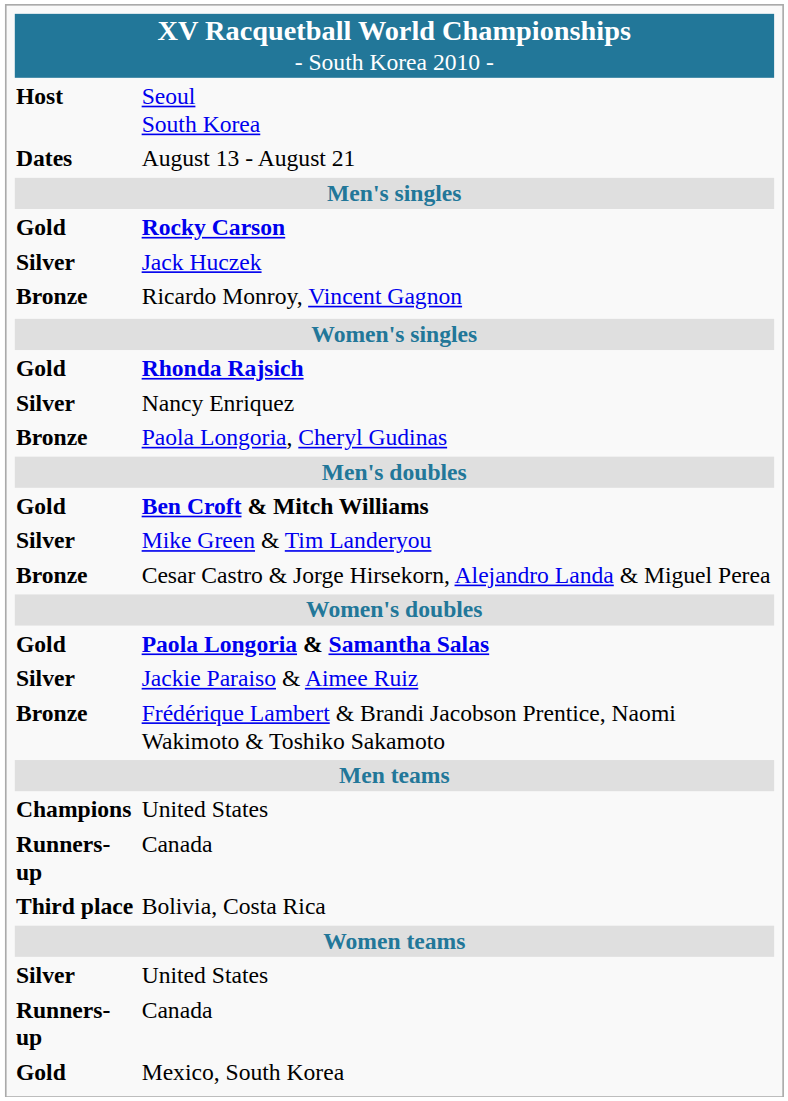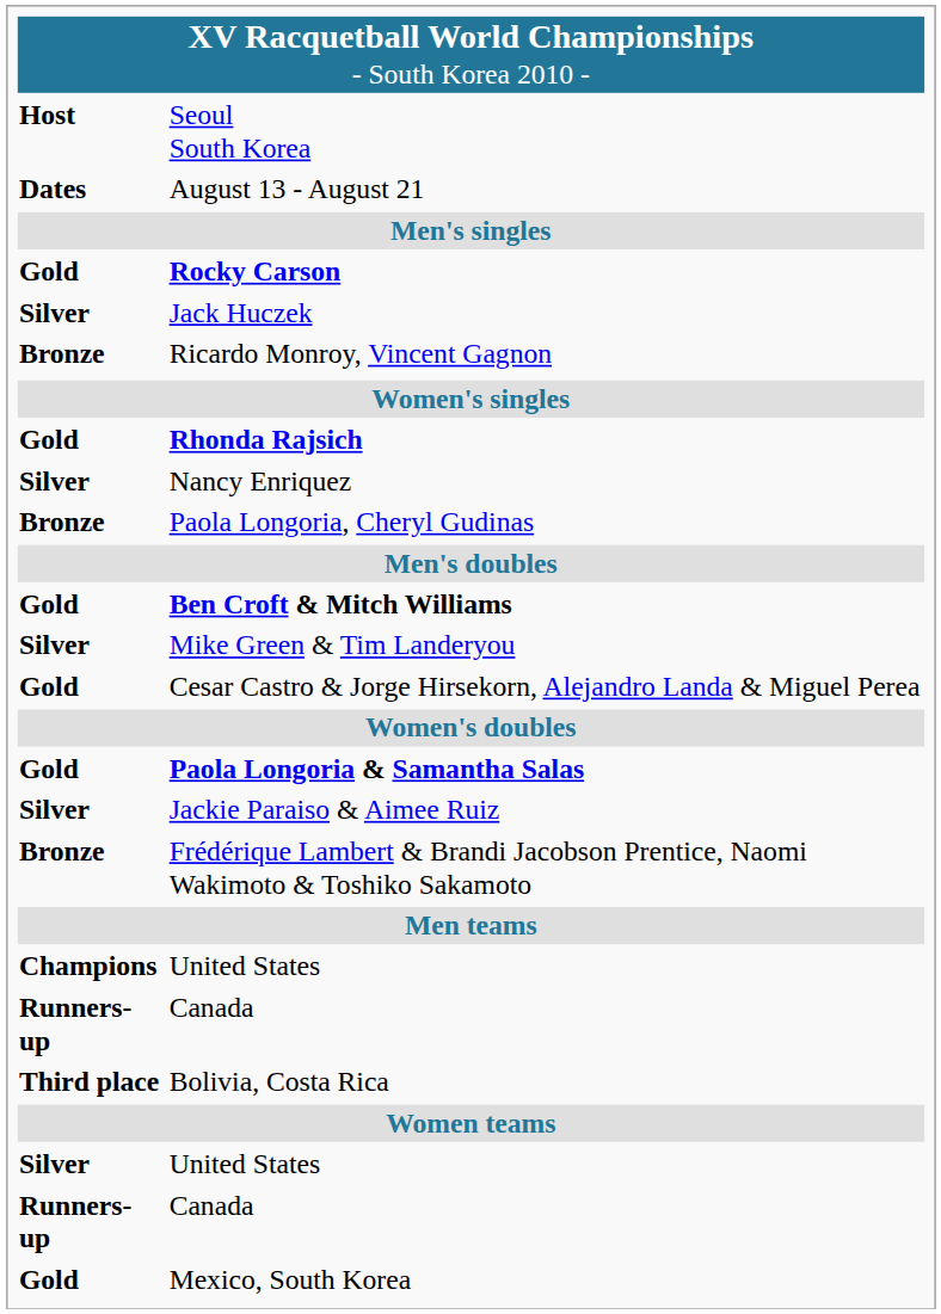 <table class="infobox" style="font-size: 90%; width: 33em;">
 <tr>
 <td colspan="2" style="background: #227799; text-align: center; color:#ffffff;"><big><strong>XV Racquetball World Championships</strong></big><br>- South Korea 2010 -</td>
 </tr>
 <tr style="vertical-align:top;">
 <td><strong>Host</strong></td>
 <td><a href='#'>Seoul</a> <br> <a href='#'>South Korea</a></td>
 </tr>
 <tr style="vertical-align:top;">
 <td><strong>Dates</strong></td>
 <td>August 13 - August 21</td>
 </tr>
 <tr style="vertical-align:top;">
 <td colspan="2" style="background: #dfdfdf; text-align: center; color:#227799;"><strong>Men's singles</strong></td>
 </tr>
 <tr style="vertical-align:top;">
 <td><strong>Gold</strong> </td>
 <td>   <strong><a href='#'>Rocky Carson</a></strong></td>
 </tr>
 <tr>
 <td><strong>Silver</strong> </td>
 <td> <a href='#'>Jack Huczek</a></td>
 </tr>
 <tr>
 <td><strong>Bronze</strong> </td>
 <td> Ricardo Monroy,  <a href='#'>Vincent Gagnon</a></td>
 </tr>
 <tr style="vertical-align:top;">
 </tr>
 <tr style="vertical-align:top;">
 <td colspan="2" style="background: #dfdfdf; text-align: center; color:#227799;"><strong>Women's singles</strong></td>
 </tr>
 <tr style="vertical-align:top;">
 <td><strong>Gold</strong> </td>
 <td>   <strong><a href='#'>Rhonda Rajsich</a></strong></td>
 </tr>
 <tr>
 <td><strong>Silver</strong> </td>
 <td> Nancy Enriquez</td>
 </tr>
 <tr>
 <td><strong>Bronze</strong> </td>
 <td> <a href='#'>Paola Longoria</a>,  <a href='#'>Cheryl Gudinas</a></td>
 </tr>
 <tr style="vertical-align:top;">
 <td colspan="2" style="background: #dfdfdf; text-align: center; color:#227799;"><strong>Men's doubles</strong></td>
 </tr>
 <tr style="vertical-align:top;">
 <td><strong>Gold</strong> </td>
 <td>   <strong><a href='#'>Ben Croft</a> & Mitch Williams</strong></td>
 </tr>
 <tr>
 <td><strong>Silver</strong> </td>
 <td> <a href='#'>Mike Green</a> & <a href='#'>Tim Landeryou</a></td>
 </tr>
 <tr>
-<td><strong>Bronze</strong> </td>
+<td><strong>Gold</strong> </td>
 <td> Cesar Castro & Jorge Hirsekorn,  <a href='#'>Alejandro Landa</a> & Miguel Perea</td>
 </tr>
 <tr style="vertical-align:top;">
 <td colspan="2" style="background: #dfdfdf; text-align: center; color:#227799;"><strong>Women's doubles</strong></td>
 </tr>
 <tr style="vertical-align:top;">
 <td><strong>Gold</strong> </td>
 <td>   <strong><a href='#'>Paola Longoria</a> & <a href='#'>Samantha Salas</a></strong></td>
 </tr>
 <tr>
 <td><strong>Silver</strong> </td>
 <td> <a href='#'>Jackie Paraiso</a>  & <a href='#'>Aimee Ruiz</a></td>
 </tr>
 <tr>
 <td><strong>Bronze</strong> </td>
 <td> <a href='#'>Frédérique Lambert</a> & Brandi Jacobson Prentice,  Naomi Wakimoto & Toshiko Sakamoto</td>
 </tr>
 <tr style="vertical-align:top;">
 <td colspan="2" style="background: #dfdfdf; text-align: center; color:#227799;"><strong>Men teams</strong></td>
 </tr>
 <tr style="vertical-align:top;">
 <td><strong>Champions</strong> </td>
 <td> United States</td>
 </tr>
 <tr>
 <td><strong>Runners-up</strong> </td>
 <td> Canada</td>
 </tr>
 <tr>
 <td><strong>Third place</strong> </td>
 <td> Bolivia,   Costa Rica</td>
 </tr>
 <tr style="vertical-align:top;">
 <td colspan="2" style="background: #dfdfdf; text-align: center; color:#227799;"><strong>Women teams</strong></td>
 </tr>
 <tr style="vertical-align:top;">
 <td><strong>Silver</strong> </td>
 <td> United States</td>
 </tr>
 <tr>
 <td><strong>Runners-up</strong> </td>
 <td> Canada</td>
 </tr>
 <tr>
 <td><strong>Gold</strong> </td>
 <td> Mexico,   South Korea</td>
 </tr>
 </table>
